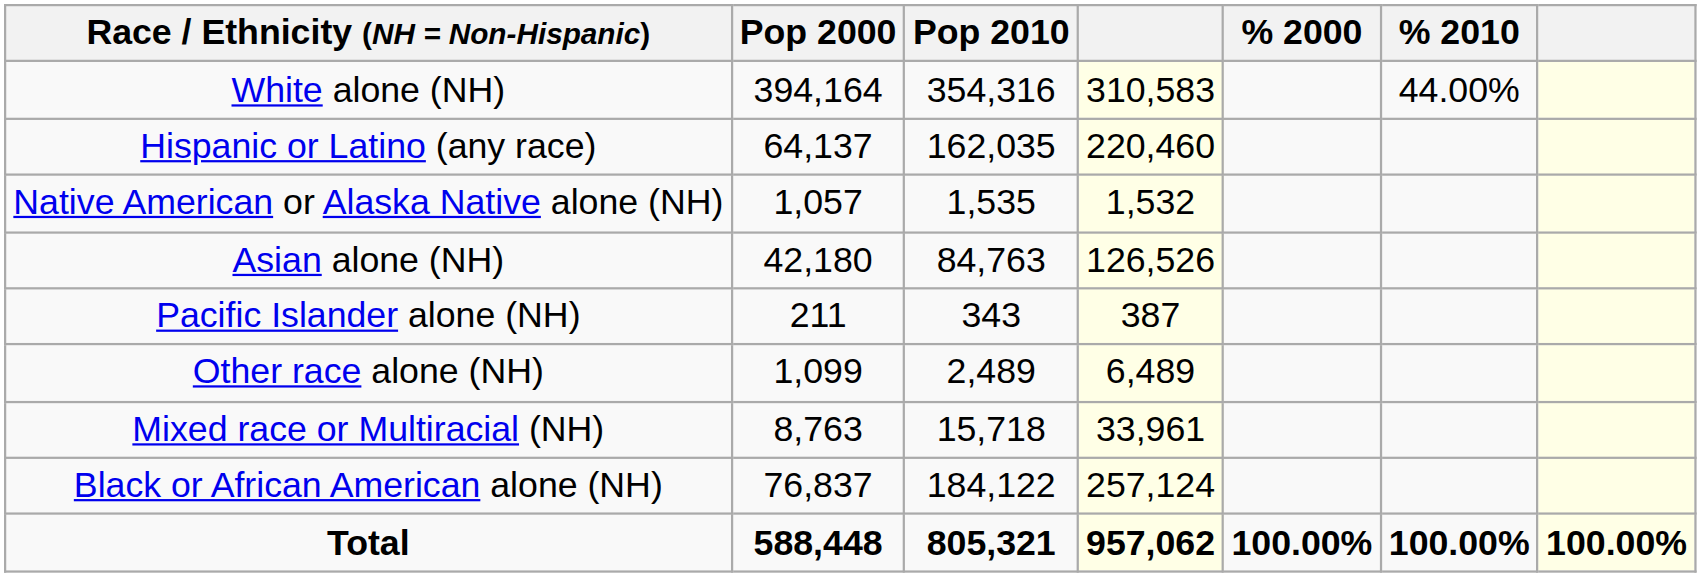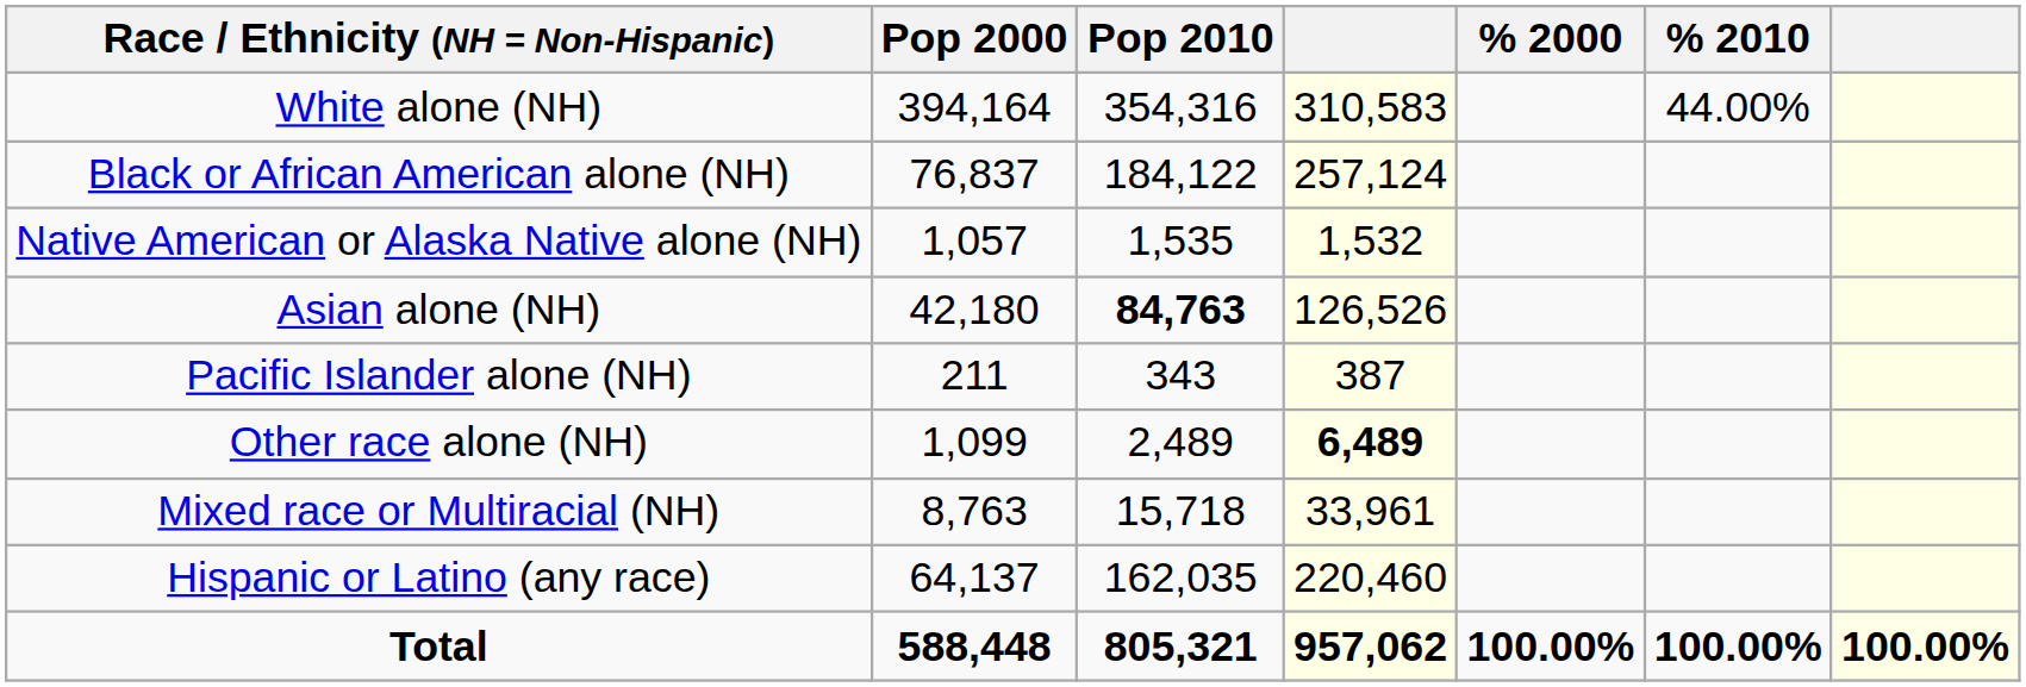 <table class="wikitable" style="text-align:center;">
 <tr>
 <th>Race / Ethnicity <small>(<em>NH = Non-Hispanic</em>)</small></th>
 <th>Pop 2000</th>
 <th>Pop 2010</th>
 <th></th>
 <th>% 2000</th>
 <th>% 2010</th>
 <th></th>
 </tr>
 <tr>
 <td><a href='#'>White</a> alone (NH)</td>
 <td>394,164</td>
 <td>354,316</td>
 <td style='background: #ffffe6;'>310,583</td>
 <td></td>
 <td>44.00%</td>
 <td style='background: #ffffe6;'></td>
 </tr>
 <tr>
-<td><a href='#'>Hispanic or Latino</a> (any race)</td>
-<td>64,137</td>
-<td>162,035</td>
-<td style='background: #ffffe6;'>220,460</td>
+<td><a href='#'>Black or African American</a> alone (NH)</td>
+<td>76,837</td>
+<td>184,122</td>
+<td style='background: #ffffe6;'>257,124</td>
 <td></td>
 <td></td>
 <td style='background: #ffffe6;'></td>
 </tr>
 <tr>
 <td><a href='#'>Native American</a> or <a href='#'>Alaska Native</a> alone (NH)</td>
 <td>1,057</td>
 <td>1,535</td>
 <td style='background: #ffffe6;'>1,532</td>
 <td></td>
 <td></td>
 <td style='background: #ffffe6;'></td>
 </tr>
 <tr>
 <td><a href='#'>Asian</a> alone (NH)</td>
 <td>42,180</td>
-<td>84,763</td>
+<td><strong>84,763</strong></td>
 <td style='background: #ffffe6;'>126,526</td>
 <td></td>
 <td></td>
 <td style='background: #ffffe6;'></td>
 </tr>
 <tr>
 <td><a href='#'>Pacific Islander</a> alone (NH)</td>
 <td>211</td>
 <td>343</td>
 <td style='background: #ffffe6;'>387</td>
 <td></td>
 <td></td>
 <td style='background: #ffffe6;'></td>
 </tr>
 <tr>
 <td><a href='#'>Other race</a> alone (NH)</td>
 <td>1,099</td>
 <td>2,489</td>
-<td style='background: #ffffe6;'>6,489</td>
+<td style='background: #ffffe6;'><strong>6,489</strong></td>
 <td></td>
 <td></td>
 <td style='background: #ffffe6;'></td>
 </tr>
 <tr>
 <td><a href='#'>Mixed race or Multiracial</a> (NH)</td>
 <td>8,763</td>
 <td>15,718</td>
 <td style='background: #ffffe6;'>33,961</td>
 <td></td>
 <td></td>
 <td style='background: #ffffe6;'></td>
 </tr>
 <tr>
-<td><a href='#'>Black or African American</a> alone (NH)</td>
-<td>76,837</td>
-<td>184,122</td>
-<td style='background: #ffffe6;'>257,124</td>
+<td><a href='#'>Hispanic or Latino</a> (any race)</td>
+<td>64,137</td>
+<td>162,035</td>
+<td style='background: #ffffe6;'>220,460</td>
 <td></td>
 <td></td>
 <td style='background: #ffffe6;'></td>
 </tr>
 <tr>
 <td><strong>Total</strong></td>
 <td><strong>588,448</strong></td>
 <td><strong>805,321</strong></td>
 <td style='background: #ffffe6;'><strong>957,062</strong></td>
 <td><strong>100.00%</strong></td>
 <td><strong>100.00%</strong></td>
 <td style='background: #ffffe6;'><strong>100.00%</strong></td>
 </tr>
 </table>
